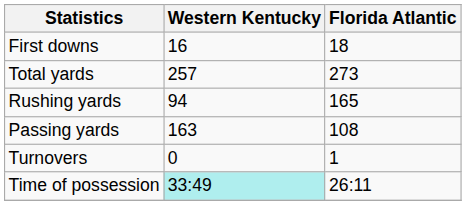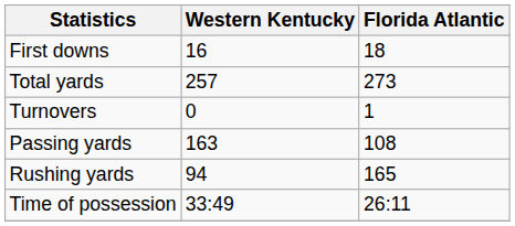 <table class="wikitable">
 <tr>
 <th>Statistics</th>
 <th>Western Kentucky</th>
 <th>Florida Atlantic</th>
 </tr>
 <tr>
 <td>First downs</td>
 <td>16</td>
 <td>18</td>
 </tr>
 <tr>
 <td>Total yards</td>
 <td>257</td>
 <td>273</td>
 </tr>
 <tr>
-<td>Rushing yards</td>
-<td>94</td>
-<td>165</td>
+<td>Turnovers</td>
+<td>0</td>
+<td>1</td>
 </tr>
 <tr>
 <td>Passing yards</td>
 <td>163</td>
 <td>108</td>
 </tr>
 <tr>
-<td>Turnovers</td>
-<td>0</td>
-<td>1</td>
+<td>Rushing yards</td>
+<td>94</td>
+<td>165</td>
 </tr>
 <tr>
 <td>Time of possession</td>
-<td style="background: paleturquoise;">33:49</td>
+<td>33:49</td>
 <td>26:11</td>
 </tr>
 <tr>
 </tr>
 </table>
